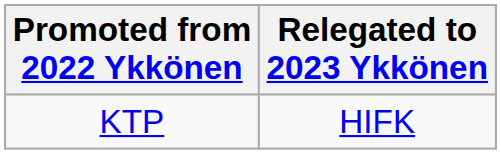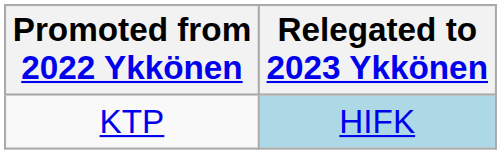 <table class="wikitable">
 <tr>
 <th>Promoted from<br><a href='#'>2022 Ykkönen</a></th>
 <th>Relegated to<br><a href='#'>2023 Ykkönen</a></th>
 </tr>
 <tr>
 <td align=center><a href='#'>KTP</a></td>
-<td align=center><a href='#'>HIFK</a></td>
+<td align=center style="background: lightblue;"><a href='#'>HIFK</a></td>
 </tr>
 </table>
